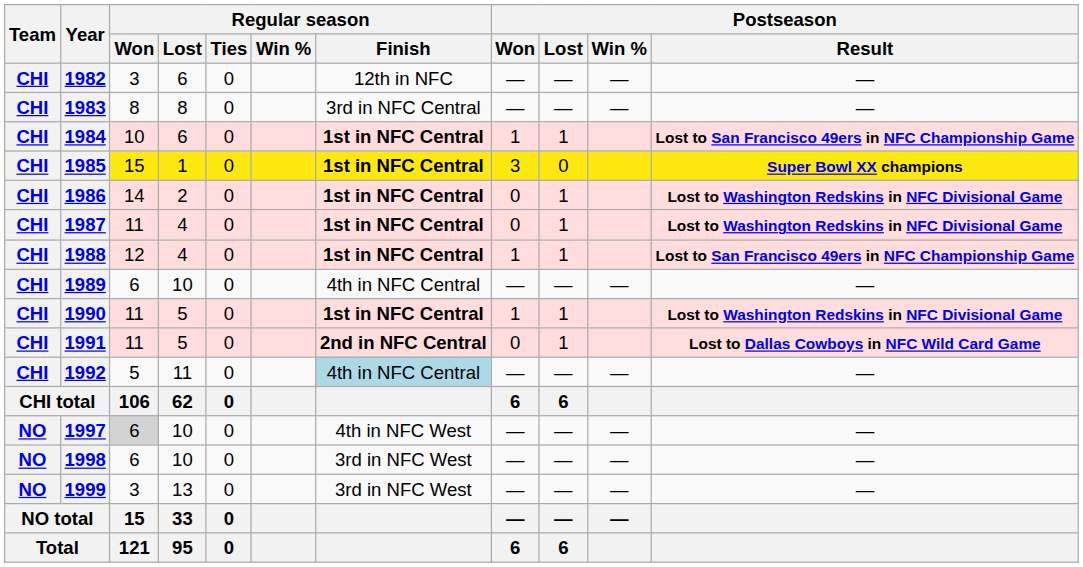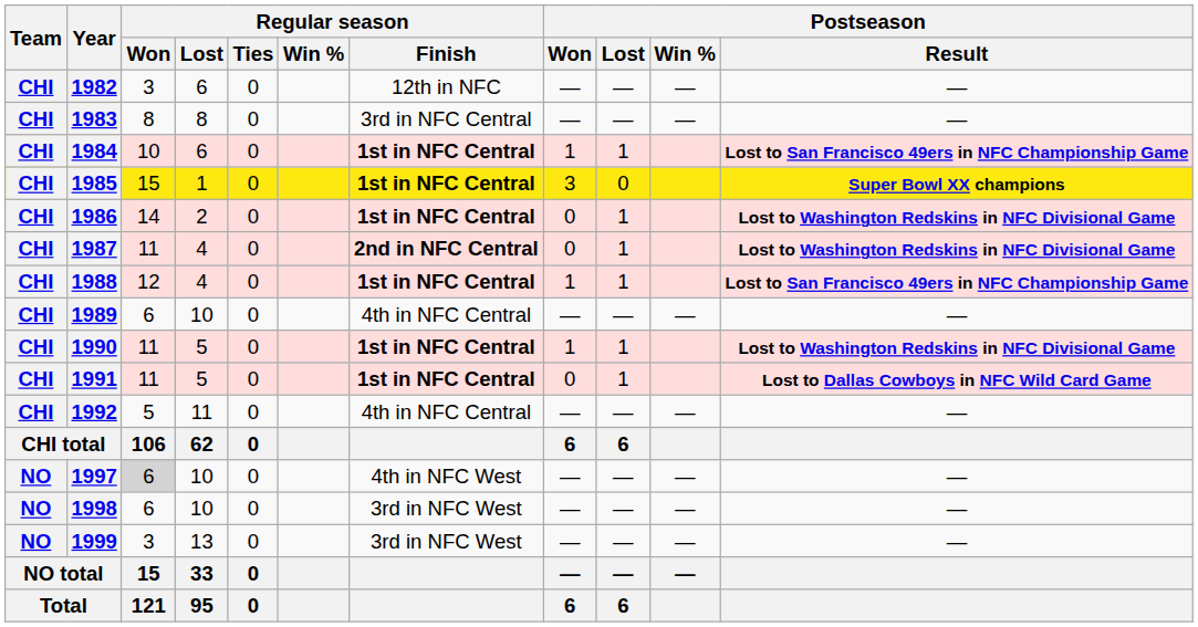 <table class="wikitable" style="font-size: 95%; text-align:center;">
 <tr>
 <th rowspan="2">Team</th>
 <th rowspan="2">Year</th>
 <th colspan="5">Regular season</th>
 <th colspan="4">Postseason</th>
 </tr>
 <tr>
 <th>Won</th>
 <th>Lost</th>
 <th>Ties</th>
 <th>Win %</th>
 <th>Finish</th>
 <th>Won</th>
 <th>Lost</th>
 <th>Win %</th>
 <th>Result</th>
 </tr>
 <tr>
 <th><a href='#'>CHI</a></th>
 <th><a href='#'>1982</a></th>
 <td>3</td>
 <td>6</td>
 <td>0</td>
 <td></td>
 <td>12th in NFC</td>
 <td>—</td>
 <td>—</td>
 <td>—</td>
 <td>—</td>
 </tr>
 <tr>
 <th><a href='#'>CHI</a></th>
 <th><a href='#'>1983</a></th>
 <td>8</td>
 <td>8</td>
 <td>0</td>
 <td></td>
 <td>3rd in NFC Central</td>
 <td>—</td>
 <td>—</td>
 <td>—</td>
 <td>—</td>
 </tr>
 <tr style="background:#fdd;">
 <th><a href='#'>CHI</a></th>
 <th><a href='#'>1984</a></th>
 <td>10</td>
 <td>6</td>
 <td>0</td>
 <td></td>
 <td><strong>1st in NFC Central</strong></td>
 <td>1</td>
 <td>1</td>
 <td></td>
 <td><small><strong>Lost to <a href='#'>San Francisco 49ers</a> in <a href='#'>NFC Championship Game</a></strong></small></td>
 </tr>
 <tr ! style="background:#FDE910;">
 <th><a href='#'>CHI</a></th>
 <th><a href='#'>1985</a></th>
 <td>15</td>
 <td>1</td>
 <td>0</td>
 <td></td>
 <td><strong>1st in NFC Central</strong></td>
 <td>3</td>
 <td>0</td>
 <td></td>
 <td><small><strong><a href='#'>Super Bowl XX</a> champions</strong></small></td>
 </tr>
 <tr style="background:#fdd;">
 <th><a href='#'>CHI</a></th>
 <th><a href='#'>1986</a></th>
 <td>14</td>
 <td>2</td>
 <td>0</td>
 <td></td>
 <td><strong>1st in NFC Central</strong></td>
 <td>0</td>
 <td>1</td>
 <td></td>
 <td><small><strong>Lost to <a href='#'>Washington Redskins</a> in <a href='#'>NFC Divisional Game</a></strong></small></td>
 </tr>
 <tr style="background:#fdd;">
 <th><a href='#'>CHI</a></th>
 <th><a href='#'>1987</a></th>
 <td>11</td>
 <td>4</td>
 <td>0</td>
 <td></td>
-<td><strong>1st in NFC Central</strong></td>
+<td><strong>2nd in NFC Central</strong></td>
 <td>0</td>
 <td>1</td>
 <td></td>
 <td><small><strong>Lost to <a href='#'>Washington Redskins</a> in <a href='#'>NFC Divisional Game</a></strong></small></td>
 </tr>
 <tr style="background:#fdd;">
 <th><a href='#'>CHI</a></th>
 <th><a href='#'>1988</a></th>
 <td>12</td>
 <td>4</td>
 <td>0</td>
 <td></td>
 <td><strong>1st in NFC Central</strong></td>
 <td>1</td>
 <td>1</td>
 <td></td>
 <td><small><strong>Lost to <a href='#'>San Francisco 49ers</a> in <a href='#'>NFC Championship Game</a></strong></small></td>
 </tr>
 <tr>
 <th><a href='#'>CHI</a></th>
 <th><a href='#'>1989</a></th>
 <td>6</td>
 <td>10</td>
 <td>0</td>
 <td></td>
 <td>4th in NFC Central</td>
 <td>—</td>
 <td>—</td>
 <td>—</td>
 <td>—</td>
 </tr>
 <tr style="background:#fdd;">
 <th><a href='#'>CHI</a></th>
 <th><a href='#'>1990</a></th>
 <td>11</td>
 <td>5</td>
 <td>0</td>
 <td></td>
 <td><strong>1st in NFC Central</strong></td>
 <td>1</td>
 <td>1</td>
 <td></td>
 <td><small><strong>Lost to <a href='#'>Washington Redskins</a> in <a href='#'>NFC Divisional Game</a></strong></small></td>
 </tr>
 <tr style="background:#fdd;">
 <th><a href='#'>CHI</a></th>
 <th><a href='#'>1991</a></th>
 <td>11</td>
 <td>5</td>
 <td>0</td>
 <td></td>
-<td><strong>2nd in NFC Central</strong></td>
+<td><strong>1st in NFC Central</strong></td>
 <td>0</td>
 <td>1</td>
 <td></td>
 <td><small><strong>Lost to <a href='#'>Dallas Cowboys</a> in <a href='#'>NFC Wild Card Game</a></strong> </small></td>
 </tr>
 <tr>
 <th><a href='#'>CHI</a></th>
 <th><a href='#'>1992</a></th>
 <td>5</td>
 <td>11</td>
 <td>0</td>
 <td></td>
-<td style="background: lightblue;">4th in NFC Central</td>
+<td>4th in NFC Central</td>
 <td>—</td>
 <td>—</td>
 <td>—</td>
 <td>—</td>
 </tr>
 <tr>
 <th colspan="2">CHI total</th>
 <th>106</th>
 <th>62</th>
 <th>0</th>
 <th></th>
 <th></th>
 <th>6</th>
 <th>6</th>
 <th></th>
 <th></th>
 </tr>
 <tr>
 <th><a href='#'>NO</a></th>
 <th><a href='#'>1997</a></th>
 <td style="background: lightgrey;">6</td>
 <td>10</td>
 <td>0</td>
 <td></td>
 <td>4th in NFC West</td>
 <td>—</td>
 <td>—</td>
 <td>—</td>
 <td>—</td>
 </tr>
 <tr>
 <th><a href='#'>NO</a></th>
 <th><a href='#'>1998</a></th>
 <td>6</td>
 <td>10</td>
 <td>0</td>
 <td></td>
 <td>3rd in NFC West</td>
 <td>—</td>
 <td>—</td>
 <td>—</td>
 <td>—</td>
 </tr>
 <tr>
 <th><a href='#'>NO</a></th>
 <th><a href='#'>1999</a></th>
 <td>3</td>
 <td>13</td>
 <td>0</td>
 <td></td>
 <td>3rd in NFC West</td>
 <td>—</td>
 <td>—</td>
 <td>—</td>
 <td>—</td>
 </tr>
 <tr>
 <th colspan="2">NO total</th>
 <th>15</th>
 <th>33</th>
 <th>0</th>
 <th></th>
 <th></th>
 <th>—</th>
 <th>—</th>
 <th>—</th>
 <th></th>
 </tr>
 <tr>
 <th colspan="2">Total</th>
 <th>121</th>
 <th>95</th>
 <th>0</th>
 <th></th>
 <th></th>
 <th>6</th>
 <th>6</th>
 <th></th>
 <th></th>
 </tr>
 </table>
